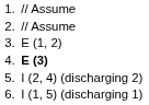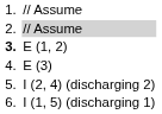 <table>
 <tr>
 <td>1.</td>
 <td></td>
 <td>// Assume</td>
 </tr>
 <tr>
 <td>2.</td>
 <td></td>
-<td>// Assume</td>
+<td style="background: lightgrey;">// Assume</td>
 </tr>
 <tr>
-<td>3.</td>
+<td><strong>3.</strong></td>
 <td></td>
 <td>E (1, 2)</td>
 </tr>
 <tr>
 <td>4.</td>
 <td></td>
-<td><strong>E (3)</strong></td>
+<td>E (3)</td>
 </tr>
 <tr>
 <td>5.</td>
 <td></td>
 <td>I (2, 4) (discharging 2)</td>
 </tr>
 <tr>
 <td>6.</td>
 <td></td>
 <td>I (1, 5) (discharging 1)</td>
 </tr>
 </table>
